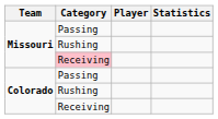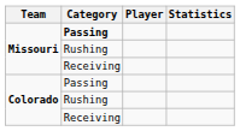 <table class="wikitable" style="float: right;">
 <tr>
 <th>Team</th>
 <th>Category</th>
 <th>Player</th>
 <th>Statistics</th>
 </tr>
 <tr>
 <td rowspan=3><strong>Missouri</strong></td>
-<td>Passing</td>
+<td><strong>Passing</strong></td>
 <td></td>
 <td></td>
 </tr>
 <tr>
 <td>Rushing</td>
 <td></td>
 <td></td>
 </tr>
 <tr>
-<td style="background: pink;">Receiving</td>
+<td>Receiving</td>
 <td></td>
 <td></td>
 </tr>
 <tr>
 <td rowspan=3><strong>Colorado</strong></td>
 <td>Passing</td>
 <td></td>
 <td></td>
 </tr>
 <tr>
 <td>Rushing</td>
 <td></td>
 <td></td>
 </tr>
 <tr>
 <td>Receiving</td>
 <td></td>
 <td></td>
 </tr>
 </table>
